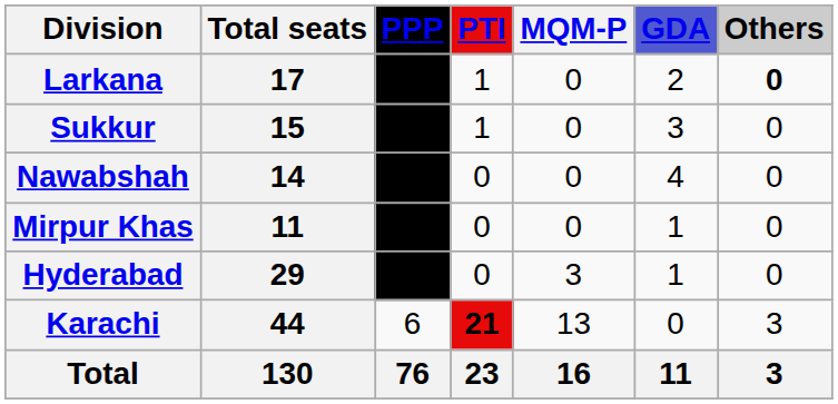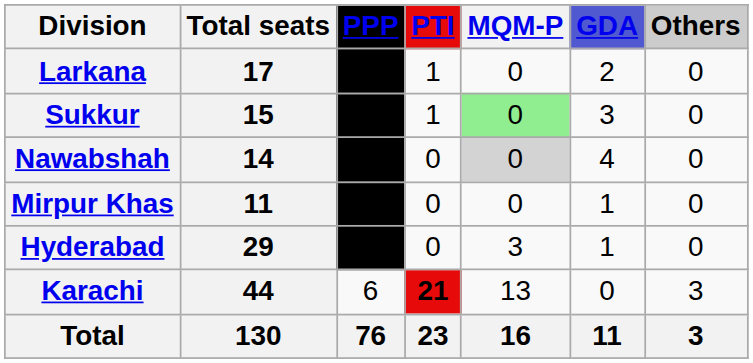 <table class="wikitable" style="text-align:center;">
 <tr bgcolor="#cccccc">
 <th>Division</th>
 <th>Total seats</th>
 <th style="background:#000000;"><a href='#'><span><strong>PPP</strong></span></a></th>
 <th style="background:#E70A0A;"><a href='#'><span><strong>PTI</strong></span></a></th>
 <th style="background:"><a href='#'><span><strong>MQM-P</strong></span></a></th>
 <th style="background:#5159d0;"><a href='#'><span><strong>GDA</strong></span></a></th>
 <td><span><strong>Others</strong></span></td>
 </tr>
 <tr>
 <th><a href='#'>Larkana</a></th>
 <th>17</th>
 <td bgcolor="#000000"><span><strong>14</strong></span></td>
 <td>1</td>
 <td>0</td>
 <td>2</td>
-<td><strong>0</strong></td>
+<td>0</td>
 </tr>
 <tr>
 <th><a href='#'>Sukkur</a></th>
 <th>15</th>
 <td bgcolor="#000000"><span><strong>11</strong></span></td>
 <td>1</td>
-<td>0</td>
+<td style="background: lightgreen;">0</td>
 <td>3</td>
 <td>0</td>
 </tr>
 <tr>
 <th><a href='#'>Nawabshah</a></th>
 <th>14</th>
 <td bgcolor="#000000"><span><strong>10</strong></span></td>
 <td>0</td>
-<td>0</td>
+<td style="background: lightgrey;">0</td>
 <td>4</td>
 <td>0</td>
 </tr>
 <tr>
 <th><a href='#'>Mirpur Khas</a></th>
 <th>11</th>
 <td bgcolor="#000000"><span><strong>10</strong></span></td>
 <td>0</td>
 <td>0</td>
 <td>1</td>
 <td>0</td>
 </tr>
 <tr>
 <th><a href='#'>Hyderabad</a></th>
 <th>29</th>
 <td bgcolor="#000000"><span><strong>25</strong></span></td>
 <td>0</td>
 <td>3</td>
 <td>1</td>
 <td>0</td>
 </tr>
 <tr>
 <th><a href='#'>Karachi</a></th>
 <th>44</th>
 <td>6</td>
 <td bgcolor="#E70A0A"><span><strong>21</strong></span></td>
 <td>13</td>
 <td>0</td>
 <td>3</td>
 </tr>
 <tr>
 <th>Total</th>
 <th>130</th>
 <th>76</th>
 <th>23</th>
 <th>16</th>
 <th>11</th>
 <th>3</th>
 </tr>
 </table>
